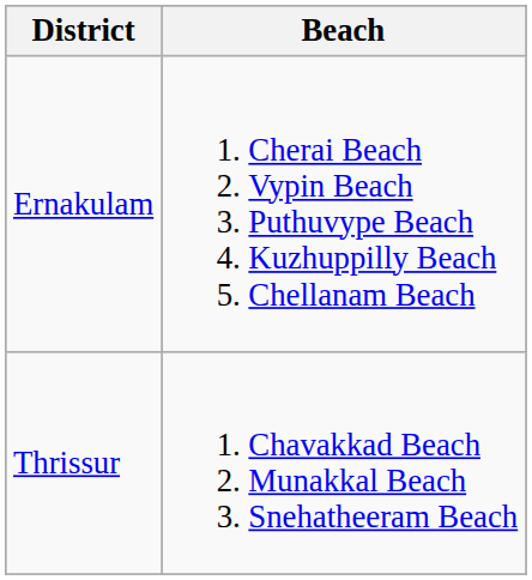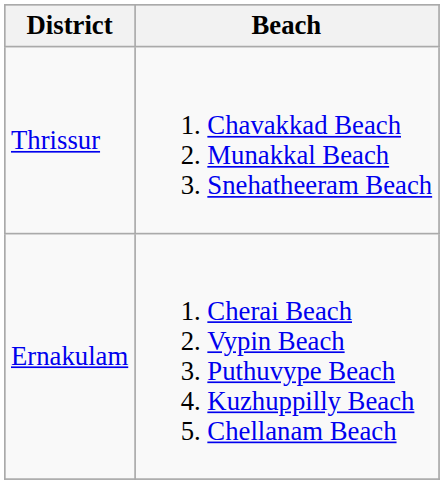 <table class="wikitable sortable">
 <tr>
 <th>District</th>
 <th>Beach</th>
 </tr>
 <tr>
+<td><a href='#'>Thrissur</a></td>
+<td><br><ol><li><a href='#'>Chavakkad Beach</a></li><li><a href='#'>Munakkal Beach</a></li><li><a href='#'>Snehatheeram Beach</a></li></ol></td>
+</tr>
+<tr>
 <td><a href='#'>Ernakulam</a></td>
 <td><br><ol><li><a href='#'>Cherai Beach</a></li><li><a href='#'>Vypin Beach</a></li><li><a href='#'>Puthuvype Beach</a></li><li><a href='#'>Kuzhuppilly Beach</a></li><li><a href='#'>Chellanam Beach</a></li></ol></td>
 </tr>
-<tr>
-<td><a href='#'>Thrissur</a></td>
-<td><br><ol><li><a href='#'>Chavakkad Beach</a></li><li><a href='#'>Munakkal Beach</a></li><li><a href='#'>Snehatheeram Beach</a></li></ol></td>
-</tr>
 </table>
